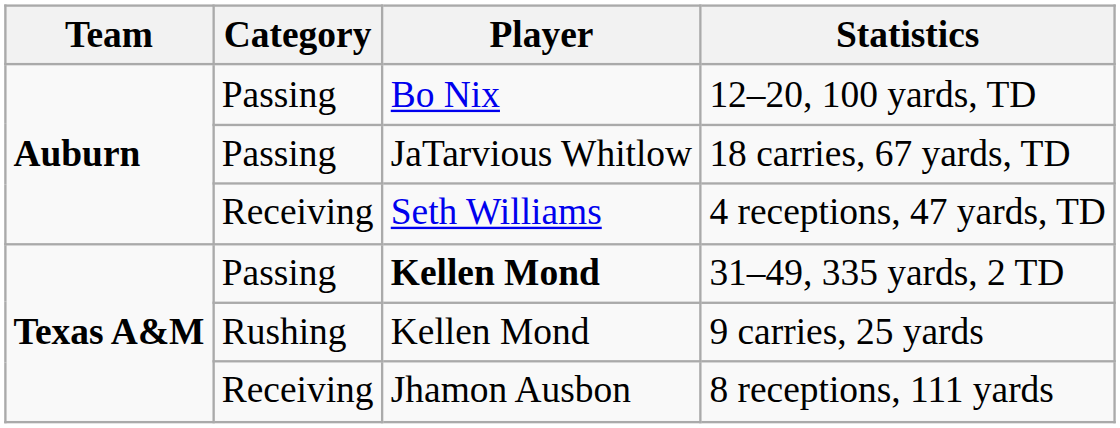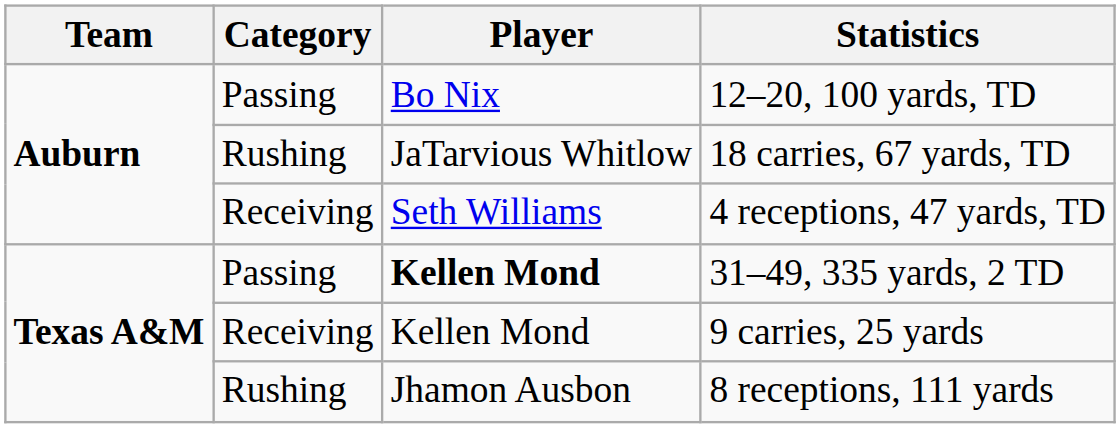 <table class="wikitable" style="float: right;">
 <tr>
 <th>Team</th>
 <th>Category</th>
 <th>Player</th>
 <th>Statistics</th>
 </tr>
 <tr>
 <td rowspan=3><strong>Auburn</strong></td>
 <td>Passing</td>
 <td><a href='#'>Bo Nix</a></td>
 <td>12–20, 100 yards, TD</td>
 </tr>
 <tr>
-<td>Passing</td>
+<td>Rushing</td>
 <td>JaTarvious Whitlow</td>
 <td>18 carries, 67 yards, TD</td>
 </tr>
 <tr>
 <td>Receiving</td>
 <td><a href='#'>Seth Williams</a></td>
 <td>4 receptions, 47 yards, TD</td>
 </tr>
 <tr>
 <td rowspan=3><strong>Texas A&M</strong></td>
 <td>Passing</td>
 <td><strong>Kellen Mond</strong></td>
 <td>31–49, 335 yards, 2 TD</td>
 </tr>
 <tr>
-<td>Rushing</td>
+<td>Receiving</td>
 <td>Kellen Mond</td>
 <td>9 carries, 25 yards</td>
 </tr>
 <tr>
-<td>Receiving</td>
+<td>Rushing</td>
 <td>Jhamon Ausbon</td>
 <td>8 receptions, 111 yards</td>
 </tr>
 </table>
